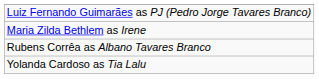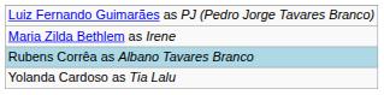 <table class="wikitable sortable">
 <tr style="background:#ccc;">
 </tr>
 <tr>
 <td><a href='#'>Luiz Fernando Guimarães</a> as <em>PJ (Pedro Jorge Tavares Branco)</em></td>
 </tr>
 <tr>
 <td><a href='#'>Maria Zilda Bethlem</a> as <em>Irene</em></td>
 </tr>
 <tr>
-<td>Rubens Corrêa as <em>Albano Tavares Branco</em></td>
+<td style="background: lightblue;">Rubens Corrêa as <em>Albano Tavares Branco</em></td>
 </tr>
 <tr>
 <td>Yolanda Cardoso as <em>Tia Lalu</em></td>
 </tr>
 </table>
